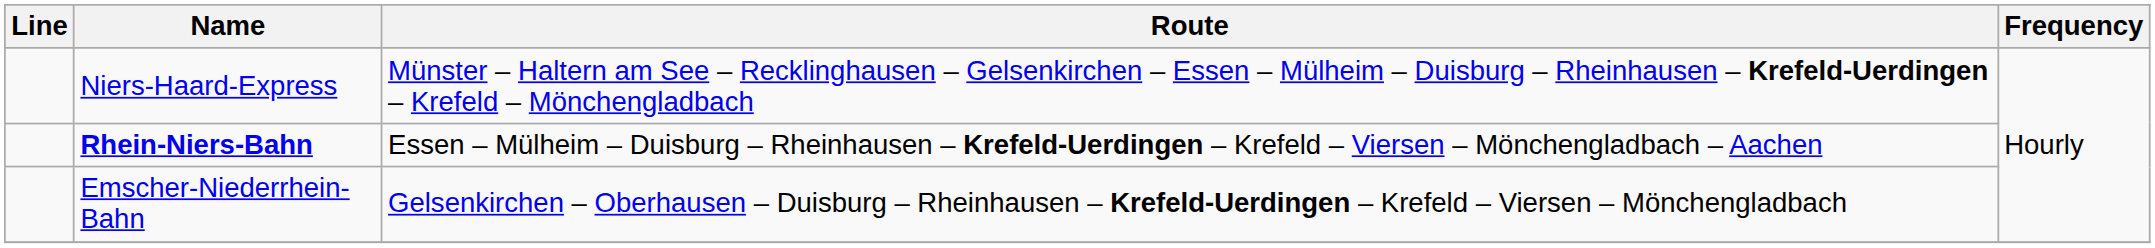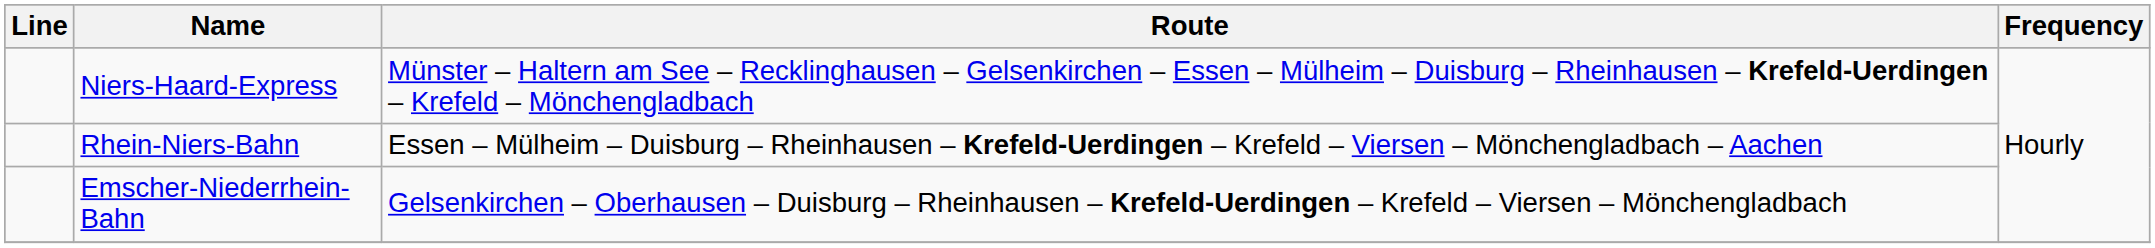 <table class="wikitable">
 <tr>
 <th>Line</th>
 <th>Name</th>
 <th>Route</th>
 <th>Frequency</th>
 </tr>
 <tr>
 <td align="center"></td>
 <td><a href='#'>Niers-Haard-Express</a></td>
 <td><a href='#'>Münster</a> – <a href='#'>Haltern am See</a> – <a href='#'>Recklinghausen</a> – <a href='#'>Gelsenkirchen</a> – <a href='#'>Essen</a> – <a href='#'>Mülheim</a> – <a href='#'>Duisburg</a> – <a href='#'>Rheinhausen</a> – <strong>Krefeld-Uerdingen</strong> – <a href='#'>Krefeld</a> – <a href='#'>Mönchengladbach</a></td>
 <td rowspan="3">Hourly</td>
 </tr>
 <tr>
 <td align="center"></td>
-<td><strong><a href='#'>Rhein-Niers-Bahn</a></strong></td>
+<td><a href='#'>Rhein-Niers-Bahn</a></td>
 <td>Essen – Mülheim – Duisburg – Rheinhausen – <strong>Krefeld-Uerdingen</strong> – Krefeld – <a href='#'>Viersen</a> – Mönchengladbach – <a href='#'>Aachen</a></td>
 </tr>
 <tr>
 <td align="center"></td>
 <td><a href='#'>Emscher-Niederrhein-Bahn</a></td>
 <td><a href='#'>Gelsenkirchen</a> – <a href='#'>Oberhausen</a> – Duisburg – Rheinhausen – <strong>Krefeld-Uerdingen</strong> – Krefeld – Viersen – Mönchengladbach</td>
 </tr>
 <tr>
 </tr>
 </table>
